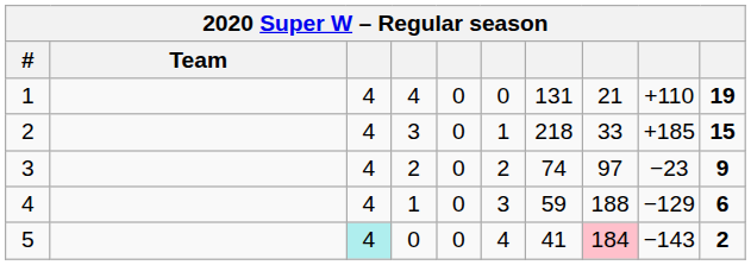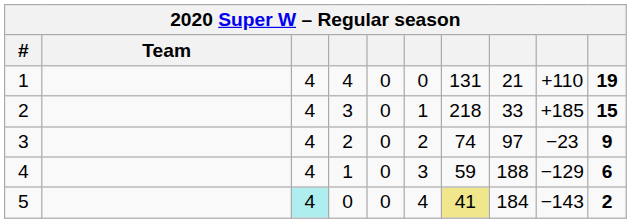 <table class="wikitable" style="text-align:center">
 <tr>
 <th colspan="100%">2020 <a href='#'>Super W</a> – Regular season</th>
 </tr>
 <tr>
 <th style="width:1.5em;">#</th>
 <th style="width:12.5em;">Team</th>
 <th style="width:1.5em;"></th>
 <th style="width:1.5em;"></th>
 <th style="width:1.5em;"></th>
 <th style="width:1.5em;"></th>
 <th style="width:2.0em;"></th>
 <th style="width:2.0em;"></th>
 <th style="width:2.0em;"></th>
 <th style="width:1.5em;"><br></th>
 </tr>
 <tr>
 <td>1</td>
 <td style="text-align:left;"></td>
 <td>4</td>
 <td>4</td>
 <td>0</td>
 <td>0</td>
 <td>131</td>
 <td>21</td>
 <td>+110</td>
 <td><strong>19</strong></td>
 </tr>
 <tr>
 <td>2</td>
 <td style="text-align:left;"></td>
 <td>4</td>
 <td>3</td>
 <td>0</td>
 <td>1</td>
 <td>218</td>
 <td>33</td>
 <td>+185</td>
 <td><strong>15</strong></td>
 </tr>
 <tr>
 <td>3</td>
 <td style="text-align:left;"></td>
 <td>4</td>
 <td>2</td>
 <td>0</td>
 <td>2</td>
 <td>74</td>
 <td>97</td>
 <td>−23</td>
 <td><strong>9</strong></td>
 </tr>
 <tr>
 <td>4</td>
 <td style="text-align:left;"></td>
 <td>4</td>
 <td>1</td>
 <td>0</td>
 <td>3</td>
 <td>59</td>
 <td>188</td>
 <td>−129</td>
 <td><strong>6</strong></td>
 </tr>
 <tr>
 <td>5</td>
 <td style="text-align:left;"></td>
 <td style="background: paleturquoise;">4</td>
 <td>0</td>
 <td>0</td>
 <td>4</td>
-<td>41</td>
-<td style="background: pink;">184</td>
+<td style="background: khaki;">41</td>
+<td>184</td>
 <td>−143</td>
 <td><strong>2</strong></td>
 </tr>
 </table>
